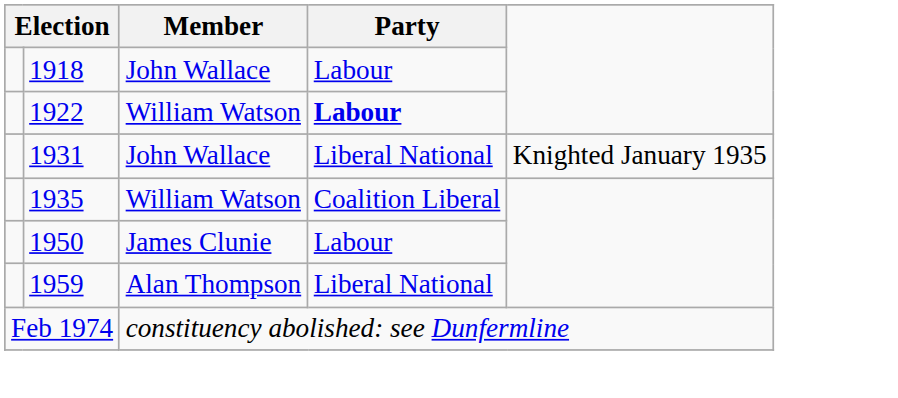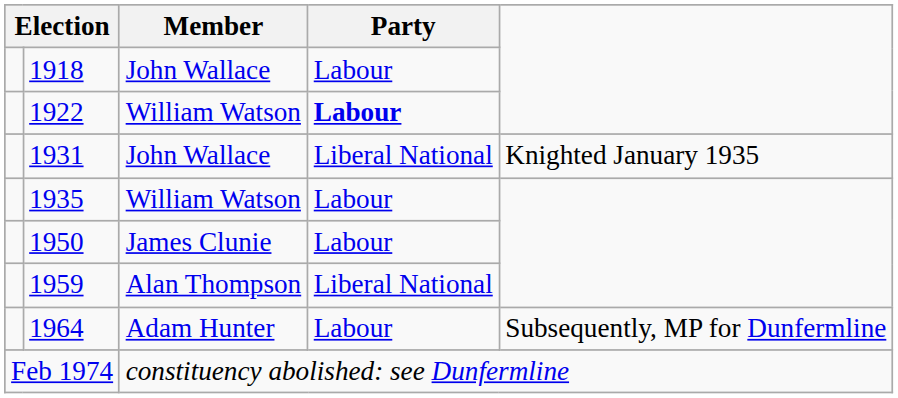 <table class="wikitable">
 <tr>
 <th colspan="2">Election</th>
 <th>Member</th>
 <th>Party</th>
 </tr>
 <tr>
 <td style="color:inherit;background-color: "></td>
 <td><a href='#'>1918</a></td>
 <td><a href='#'>John Wallace</a></td>
 <td><a href='#'>Labour</a></td>
 </tr>
 <tr>
 <td style="color:inherit;background-color: "></td>
 <td><a href='#'>1922</a></td>
 <td><a href='#'>William Watson</a></td>
 <td><strong><a href='#'>Labour</a></strong></td>
 </tr>
 <tr>
 <td style="color:inherit;background-color: "></td>
 <td><a href='#'>1931</a></td>
 <td><a href='#'>John Wallace</a></td>
 <td><a href='#'>Liberal National</a></td>
 <td>Knighted January 1935</td>
 </tr>
 <tr>
 <td style="color:inherit;background-color: "></td>
 <td><a href='#'>1935</a></td>
 <td><a href='#'>William Watson</a></td>
-<td><a href='#'>Coalition Liberal</a></td>
+<td><a href='#'>Labour</a></td>
 </tr>
 <tr>
 <td style="color:inherit;background-color: "></td>
 <td><a href='#'>1950</a></td>
 <td><a href='#'>James Clunie</a></td>
 <td><a href='#'>Labour</a></td>
 </tr>
 <tr>
 <td style="color:inherit;background-color: "></td>
 <td><a href='#'>1959</a></td>
 <td><a href='#'>Alan Thompson</a></td>
 <td><a href='#'>Liberal National</a></td>
 </tr>
 <tr>
+<td style="color:inherit;background-color: "></td>
+<td><a href='#'>1964</a></td>
+<td><a href='#'>Adam Hunter</a></td>
+<td><a href='#'>Labour</a></td>
+<td>Subsequently, MP for <a href='#'>Dunfermline</a></td>
+</tr>
+<tr>
 <td colspan="2" align="center"><a href='#'>Feb 1974</a></td>
 <td colspan="3"><em>constituency abolished: see <a href='#'>Dunfermline</a></em></td>
 </tr>
 </table>
